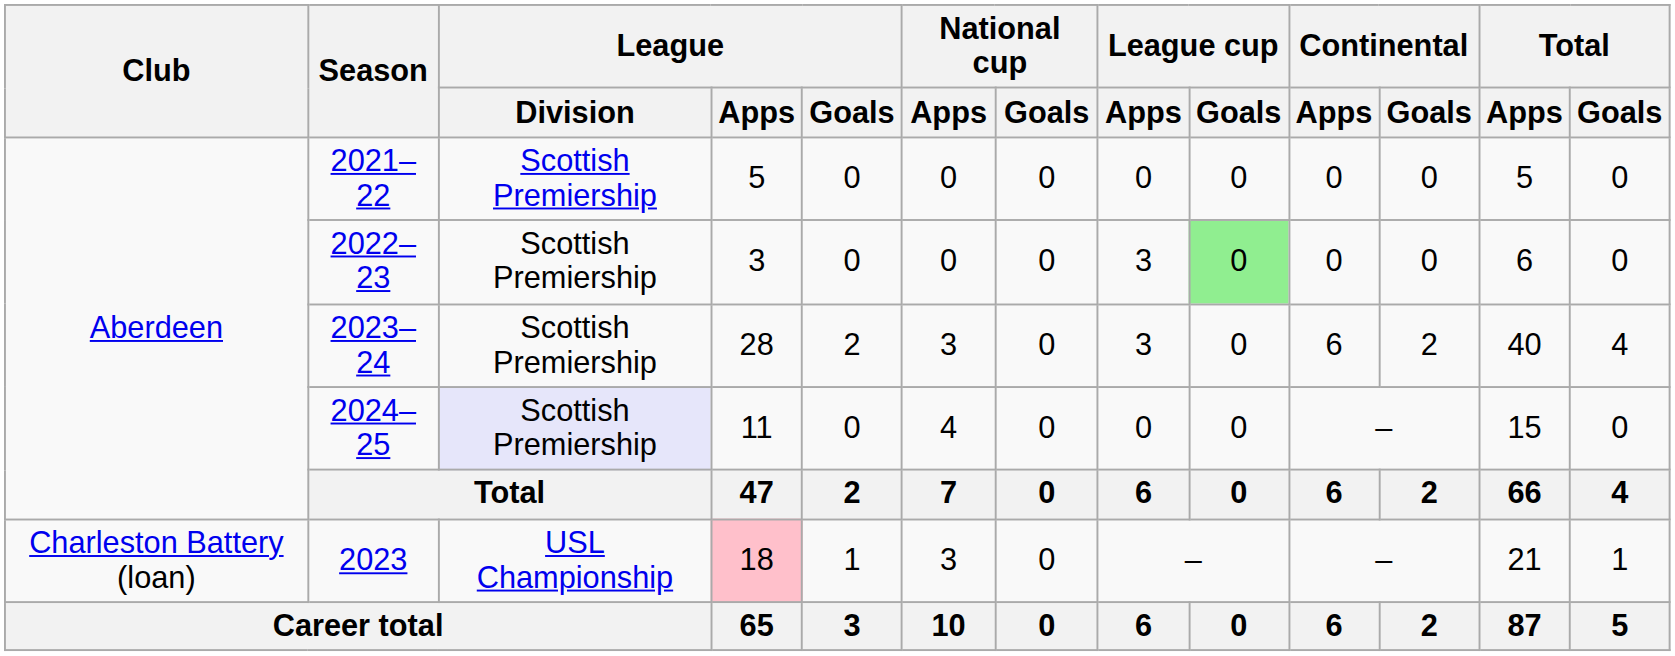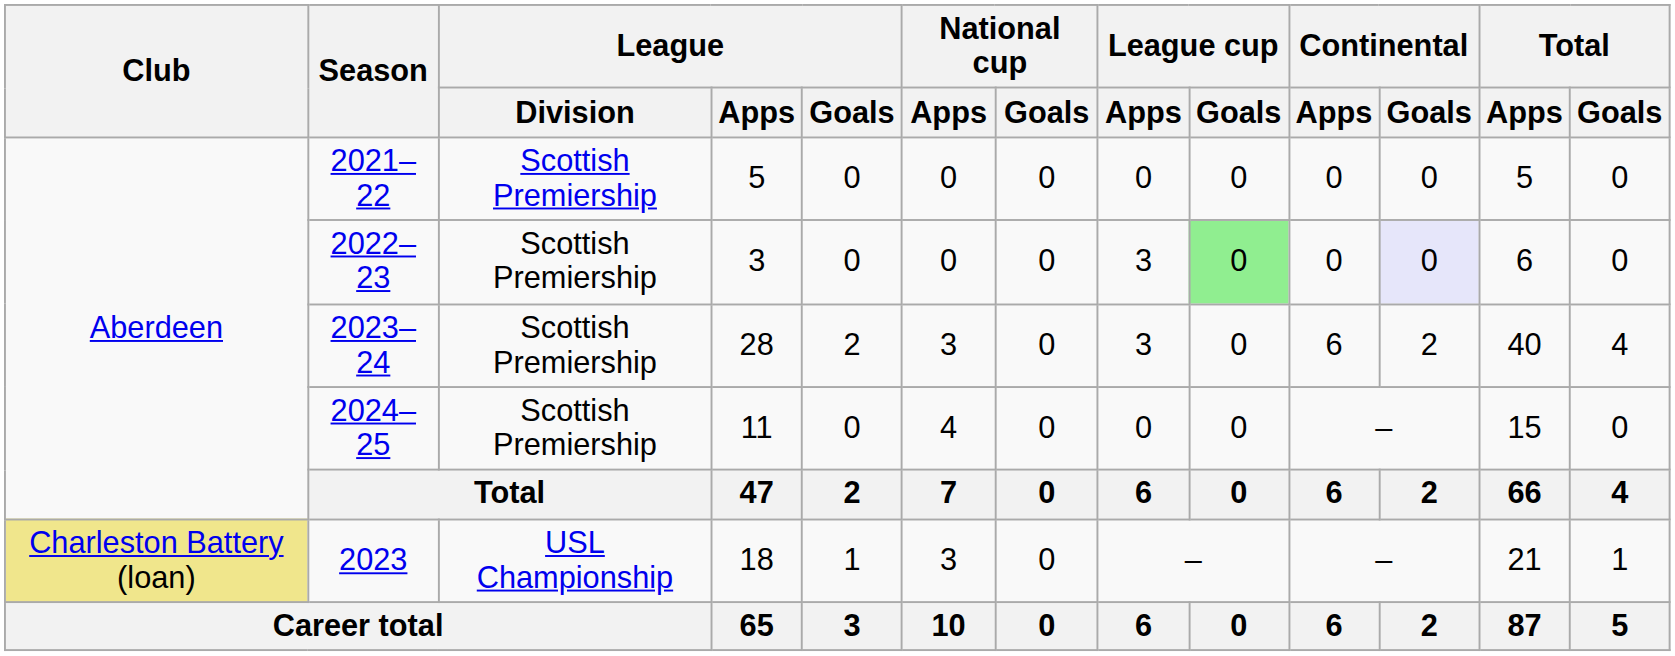 <table class="wikitable" style="text-align:center">
 <tr>
 <th rowspan="2">Club</th>
 <th rowspan="2">Season</th>
 <th colspan="3">League</th>
 <th colspan="2">National cup</th>
 <th colspan="2">League cup</th>
 <th colspan="2">Continental</th>
 <th colspan="2">Total</th>
 </tr>
 <tr>
 <th>Division</th>
 <th>Apps</th>
 <th>Goals</th>
 <th>Apps</th>
 <th>Goals</th>
 <th>Apps</th>
 <th>Goals</th>
 <th>Apps</th>
 <th>Goals</th>
 <th>Apps</th>
 <th>Goals</th>
 </tr>
 <tr>
 <td rowspan="5"><a href='#'>Aberdeen</a></td>
 <td><a href='#'>2021–22</a></td>
 <td><a href='#'>Scottish Premiership</a></td>
 <td>5</td>
 <td>0</td>
 <td>0</td>
 <td>0</td>
 <td>0</td>
 <td>0</td>
 <td>0</td>
 <td>0</td>
 <td>5</td>
 <td>0</td>
 </tr>
 <tr>
 <td><a href='#'>2022–23</a></td>
 <td>Scottish Premiership</td>
 <td>3</td>
 <td>0</td>
 <td>0</td>
 <td>0</td>
 <td>3</td>
 <td style="background: lightgreen;">0</td>
 <td>0</td>
-<td>0</td>
+<td style="background: lavender;">0</td>
 <td>6</td>
 <td>0</td>
 </tr>
 <tr>
 <td><a href='#'>2023–24</a></td>
 <td>Scottish Premiership</td>
 <td>28</td>
 <td>2</td>
 <td>3</td>
 <td>0</td>
 <td>3</td>
 <td>0</td>
 <td>6</td>
 <td>2</td>
 <td>40</td>
 <td>4</td>
 </tr>
 <tr>
 <td><a href='#'>2024–25</a></td>
-<td style="background: lavender;">Scottish Premiership</td>
+<td>Scottish Premiership</td>
 <td>11</td>
 <td>0</td>
 <td>4</td>
 <td>0</td>
 <td>0</td>
 <td>0</td>
 <td colspan="2">–</td>
 <td>15</td>
 <td>0</td>
 </tr>
 <tr>
 <th colspan="2">Total</th>
 <th>47</th>
 <th>2</th>
 <th>7</th>
 <th>0</th>
 <th>6</th>
 <th>0</th>
 <th>6</th>
 <th>2</th>
 <th>66</th>
 <th>4</th>
 </tr>
 <tr>
-<td><a href='#'>Charleston Battery</a> (loan)</td>
+<td style="background: khaki;"><a href='#'>Charleston Battery</a> (loan)</td>
 <td><a href='#'>2023</a></td>
 <td><a href='#'>USL Championship</a></td>
-<td style="background: pink;">18</td>
+<td>18</td>
 <td>1</td>
 <td>3</td>
 <td>0</td>
 <td colspan="2">–</td>
 <td colspan="2">–</td>
 <td>21</td>
 <td>1</td>
 </tr>
 <tr>
 <th colspan="3">Career total</th>
 <th>65</th>
 <th>3</th>
 <th>10</th>
 <th>0</th>
 <th>6</th>
 <th>0</th>
 <th>6</th>
 <th>2</th>
 <th>87</th>
 <th>5</th>
 </tr>
 </table>
